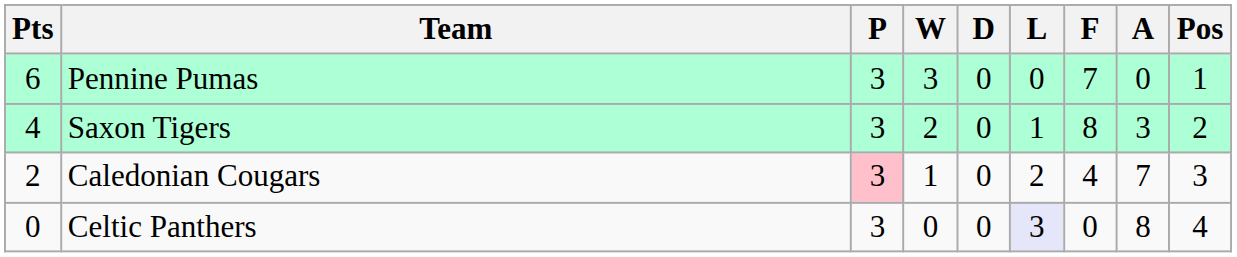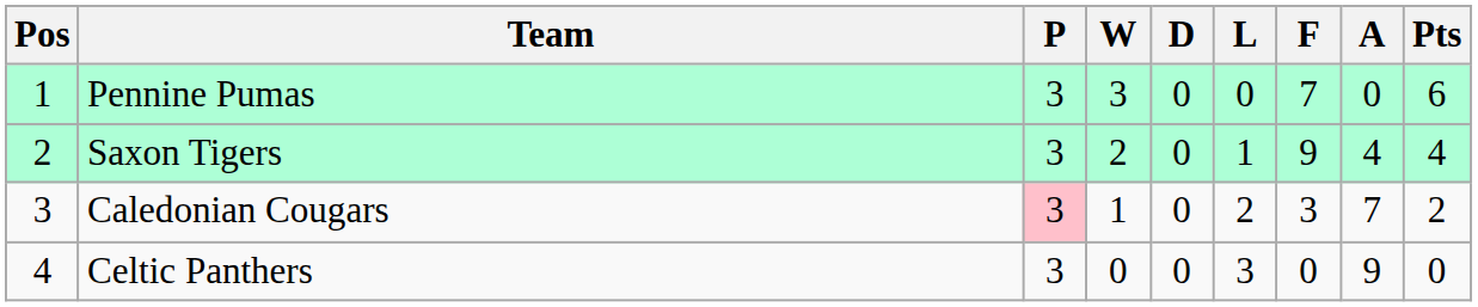 <table class="wikitable" style="text-align:centre;">
 <tr>
-<th width=20>Pts</th>
+<th width=20>Pos</th>
 <th width=400>Team</th>
 <th width=20>P</th>
 <th width=20>W</th>
 <th width=20>D</th>
 <th width=20>L</th>
 <th width=20>F</th>
 <th width=20>A</th>
-<th width=20>Pos</th>
+<th width=20>Pts</th>
 </tr>
 <tr align=center style="background: #ADFFD6;">
-<td>6</td>
+<td>1</td>
 <td align="left">Pennine Pumas</td>
 <td>3</td>
 <td>3</td>
 <td>0</td>
 <td>0</td>
 <td>7</td>
 <td>0</td>
-<td>1</td>
+<td>6</td>
 </tr>
 <tr align=center style="background: #ADFFD6;">
-<td>4</td>
+<td>2</td>
 <td align="left">Saxon Tigers</td>
 <td>3</td>
 <td>2</td>
 <td>0</td>
 <td>1</td>
-<td>8</td>
-<td>3</td>
-<td>2</td>
+<td>9</td>
+<td>4</td>
+<td>4</td>
 </tr>
 <tr align=center>
-<td>2</td>
+<td>3</td>
 <td align="left">Caledonian Cougars</td>
 <td style="background: pink;">3</td>
 <td>1</td>
 <td>0</td>
 <td>2</td>
-<td>4</td>
+<td>3</td>
 <td>7</td>
-<td>3</td>
+<td>2</td>
 </tr>
 <tr align=center>
-<td>0</td>
+<td>4</td>
 <td align="left">Celtic Panthers</td>
 <td>3</td>
 <td>0</td>
 <td>0</td>
-<td style="background: lavender;">3</td>
+<td>3</td>
 <td>0</td>
-<td>8</td>
-<td>4</td>
+<td>9</td>
+<td>0</td>
 </tr>
 </table>
